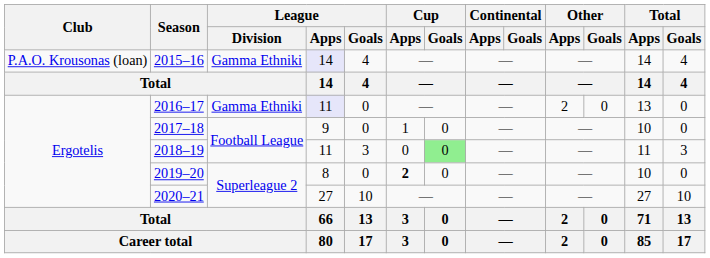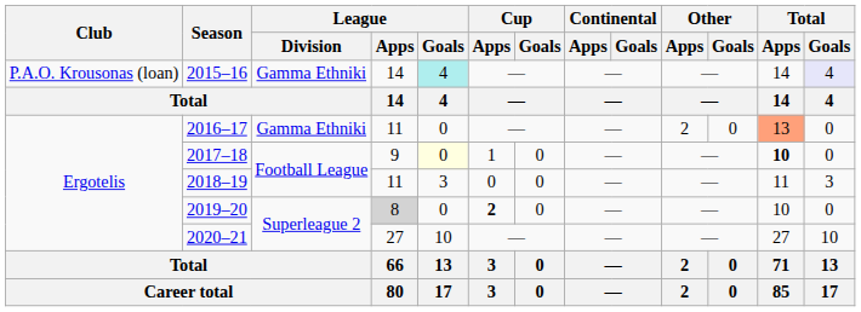 <table class="wikitable" style="text-align: center;">
 <tr>
 <th rowspan="2">Club</th>
 <th rowspan="2">Season</th>
 <th colspan="3">League</th>
 <th colspan="2">Cup</th>
 <th colspan="2">Continental</th>
 <th colspan="2">Other</th>
 <th colspan="2">Total</th>
 </tr>
 <tr>
 <th>Division</th>
 <th>Apps</th>
 <th>Goals</th>
 <th>Apps</th>
 <th>Goals</th>
 <th>Apps</th>
 <th>Goals</th>
 <th>Apps</th>
 <th>Goals</th>
 <th>Apps</th>
 <th>Goals</th>
 </tr>
 <tr>
 <td><a href='#'>P.A.O. Krousonas</a> (loan)</td>
 <td><a href='#'>2015–16</a></td>
 <td><a href='#'>Gamma Ethniki</a></td>
-<td style="background: lavender;">14</td>
-<td>4</td>
+<td>14</td>
+<td style="background: paleturquoise;">4</td>
 <td colspan=2>—</td>
 <td colspan=2>—</td>
 <td colspan=2>—</td>
 <td>14</td>
-<td>4</td>
+<td style="background: lavender;">4</td>
 </tr>
 <tr>
 <th colspan="3">Total</th>
 <th>14</th>
 <th>4</th>
 <th colspan=2>—</th>
 <th colspan=2>—</th>
 <th colspan=2>—</th>
 <th>14</th>
 <th>4</th>
 </tr>
 <tr>
 <td rowspan="5"><a href='#'>Ergotelis</a></td>
 <td><a href='#'>2016–17</a></td>
 <td><a href='#'>Gamma Ethniki</a></td>
-<td style="background: lavender;">11</td>
+<td>11</td>
 <td>0</td>
 <td colspan=2>—</td>
 <td colspan=2>—</td>
 <td>2</td>
 <td>0</td>
-<td>13</td>
+<td style="background: lightsalmon;">13</td>
 <td>0</td>
 </tr>
 <tr>
 <td><a href='#'>2017–18</a></td>
 <td rowspan="2"><a href='#'>Football League</a></td>
 <td>9</td>
-<td>0</td>
+<td style="background: lightyellow;">0</td>
 <td>1</td>
 <td>0</td>
 <td colspan=2>—</td>
 <td colspan=2>—</td>
-<td>10</td>
+<td><strong>10</strong></td>
 <td>0</td>
 </tr>
 <tr>
 <td><a href='#'>2018–19</a></td>
 <td>11</td>
 <td>3</td>
 <td>0</td>
-<td style="background: lightgreen;">0</td>
+<td>0</td>
 <td colspan=2>—</td>
 <td colspan=2>—</td>
 <td>11</td>
 <td>3</td>
 </tr>
 <tr>
 <td><a href='#'>2019–20</a></td>
 <td rowspan="2"><a href='#'>Superleague 2</a></td>
-<td>8</td>
+<td style="background: lightgrey;">8</td>
 <td>0</td>
 <td><strong>2</strong></td>
 <td>0</td>
 <td colspan=2>—</td>
 <td colspan=2>—</td>
 <td>10</td>
 <td>0</td>
 </tr>
 <tr>
 <td><a href='#'>2020–21</a></td>
 <td>27</td>
 <td>10</td>
 <td colspan=2>—</td>
 <td colspan=2>—</td>
 <td colspan=2>—</td>
 <td>27</td>
 <td>10</td>
 </tr>
 <tr>
 <th colspan="3">Total</th>
 <th>66</th>
 <th>13</th>
 <th>3</th>
 <th>0</th>
 <th colspan=2>—</th>
 <th>2</th>
 <th>0</th>
 <th>71</th>
 <th>13</th>
 </tr>
 <tr>
 <th colspan="3">Career total</th>
 <th>80</th>
 <th>17</th>
 <th>3</th>
 <th>0</th>
 <th colspan=2>—</th>
 <th>2</th>
 <th>0</th>
 <th>85</th>
 <th>17</th>
 </tr>
 </table>
